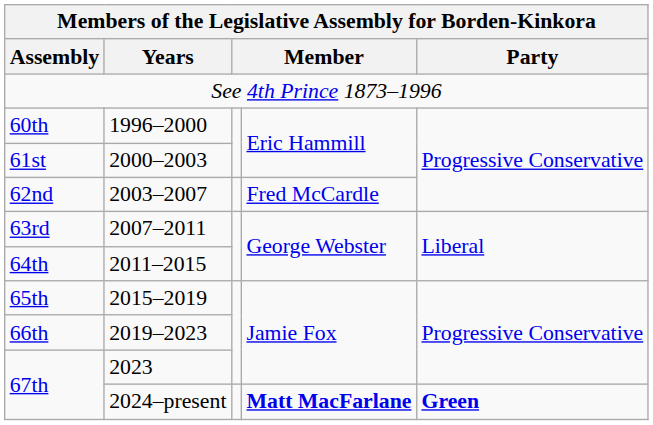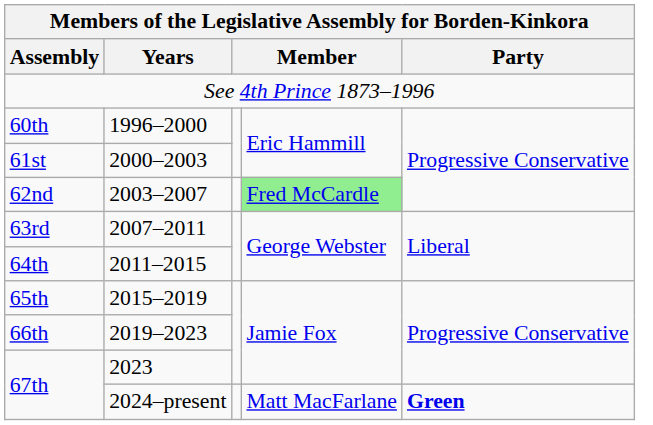 <table class="wikitable" align=centre>
 <tr>
 <th colspan=5>Members of the Legislative Assembly for Borden-Kinkora</th>
 </tr>
 <tr>
 <th>Assembly</th>
 <th>Years</th>
 <th colspan="2">Member</th>
 <th>Party</th>
 </tr>
 <tr>
 <td align="center" colspan=5><em>See <a href='#'>4th Prince</a> 1873–1996</em></td>
 </tr>
 <tr>
 <td><a href='#'>60th</a></td>
 <td>1996–2000</td>
 <td rowspan=2 ></td>
 <td rowspan=2><a href='#'>Eric Hammill</a></td>
 <td rowspan=3><a href='#'>Progressive Conservative</a></td>
 </tr>
 <tr>
 <td><a href='#'>61st</a></td>
 <td>2000–2003</td>
 </tr>
 <tr>
 <td><a href='#'>62nd</a></td>
 <td>2003–2007</td>
 <td rowspan=1 ></td>
-<td rowspan=1><a href='#'>Fred McCardle</a></td>
+<td rowspan=1 style="background: lightgreen;"><a href='#'>Fred McCardle</a></td>
 </tr>
 <tr>
 <td><a href='#'>63rd</a></td>
 <td>2007–2011</td>
 <td rowspan=2 ></td>
 <td rowspan=2><a href='#'>George Webster</a></td>
 <td rowspan=2><a href='#'>Liberal</a></td>
 </tr>
 <tr>
 <td><a href='#'>64th</a></td>
 <td>2011–2015</td>
 </tr>
 <tr>
 <td><a href='#'>65th</a></td>
 <td>2015–2019</td>
 <td rowspan=3 ></td>
 <td rowspan=3><a href='#'>Jamie Fox</a></td>
 <td rowspan=3><a href='#'>Progressive Conservative</a></td>
 </tr>
 <tr>
 <td><a href='#'>66th</a></td>
 <td>2019–2023</td>
 </tr>
 <tr>
 <td rowspan="2"><a href='#'>67th</a></td>
 <td>2023</td>
 </tr>
 <tr>
 <td>2024–present</td>
 <td></td>
-<td><strong><a href='#'>Matt MacFarlane</a></strong></td>
+<td><a href='#'>Matt MacFarlane</a></td>
 <td><strong><a href='#'>Green</a></strong></td>
 </tr>
 </table>
